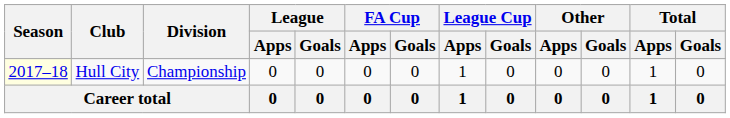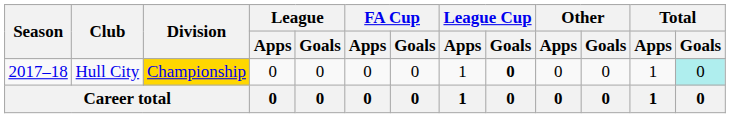 <table class="wikitable" style="text-align:center;">
 <tr>
 <th rowspan="2">Season</th>
 <th rowspan="2">Club</th>
 <th rowspan="2">Division</th>
 <th colspan="2">League</th>
 <th colspan="2"><a href='#'>FA Cup</a></th>
 <th colspan="2"><a href='#'>League Cup</a></th>
 <th colspan="2">Other</th>
 <th colspan="2">Total</th>
 </tr>
 <tr>
 <th>Apps</th>
 <th>Goals</th>
 <th>Apps</th>
 <th>Goals</th>
 <th>Apps</th>
 <th>Goals</th>
 <th>Apps</th>
 <th>Goals</th>
 <th>Apps</th>
 <th>Goals</th>
 </tr>
 <tr>
-<td style="background: lightyellow;"><a href='#'>2017–18</a></td>
+<td><a href='#'>2017–18</a></td>
 <td><a href='#'>Hull City</a></td>
-<td><a href='#'>Championship</a></td>
+<td style="background: gold;"><a href='#'>Championship</a></td>
 <td>0</td>
 <td>0</td>
 <td>0</td>
 <td>0</td>
 <td>1</td>
-<td>0</td>
+<td><strong>0</strong></td>
 <td>0</td>
 <td>0</td>
 <td>1</td>
-<td>0</td>
+<td style="background: paleturquoise;">0</td>
 </tr>
 <tr>
 <th colspan="3">Career total</th>
 <th>0</th>
 <th>0</th>
 <th>0</th>
 <th>0</th>
 <th>1</th>
 <th>0</th>
 <th>0</th>
 <th>0</th>
 <th>1</th>
 <th>0</th>
 </tr>
 </table>
